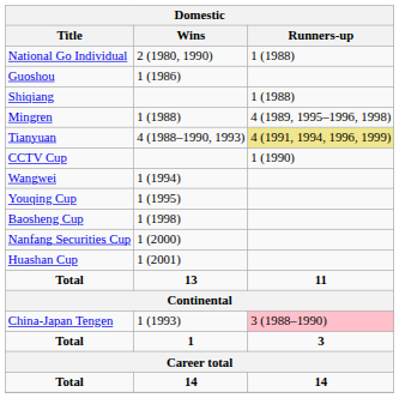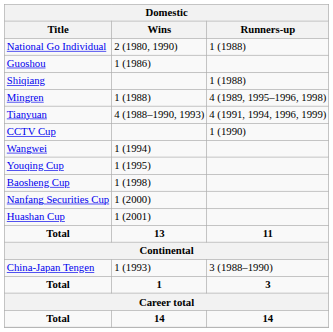 <table class="wikitable">
 <tr>
 <th colspan=3>Domestic</th>
 </tr>
 <tr>
 <th>Title</th>
 <th>Wins</th>
 <th>Runners-up</th>
 </tr>
 <tr>
 <td><a href='#'>National Go Individual</a></td>
 <td>2 (1980, 1990)</td>
 <td>1 (1988)</td>
 </tr>
 <tr>
 <td><a href='#'>Guoshou</a></td>
 <td>1 (1986)</td>
 <td></td>
 </tr>
 <tr>
 <td><a href='#'>Shiqiang</a></td>
 <td></td>
 <td>1 (1988)</td>
 </tr>
 <tr>
 <td><a href='#'>Mingren</a></td>
 <td>1 (1988)</td>
 <td>4 (1989, 1995–1996, 1998)</td>
 </tr>
 <tr>
 <td><a href='#'>Tianyuan</a></td>
 <td>4 (1988–1990, 1993)</td>
-<td style="background: khaki;">4 (1991, 1994, 1996, 1999)</td>
+<td>4 (1991, 1994, 1996, 1999)</td>
 </tr>
 <tr>
 <td><a href='#'>CCTV Cup</a></td>
 <td></td>
 <td>1 (1990)</td>
 </tr>
 <tr>
 <td><a href='#'>Wangwei</a></td>
 <td>1 (1994)</td>
 <td></td>
 </tr>
 <tr>
 <td><a href='#'>Youqing Cup</a></td>
 <td>1 (1995)</td>
 <td></td>
 </tr>
 <tr>
 <td><a href='#'>Baosheng Cup</a></td>
 <td>1 (1998)</td>
 <td></td>
 </tr>
 <tr>
 <td><a href='#'>Nanfang Securities Cup</a></td>
 <td>1 (2000)</td>
 <td></td>
 </tr>
 <tr>
 <td><a href='#'>Huashan Cup</a></td>
 <td>1 (2001)</td>
 <td></td>
 </tr>
 <tr align="center">
 <td><strong>Total</strong></td>
 <td><strong>13</strong></td>
 <td><strong>11</strong></td>
 </tr>
 <tr>
 <th colspan=3>Continental</th>
 </tr>
 <tr>
 <td><a href='#'>China-Japan Tengen</a></td>
 <td>1 (1993)</td>
-<td style="background: pink;">3 (1988–1990)</td>
+<td>3 (1988–1990)</td>
 </tr>
 <tr align="center">
 <td><strong>Total</strong></td>
 <td><strong>1</strong></td>
 <td><strong>3</strong></td>
 </tr>
 <tr>
 <th colspan=3>Career total</th>
 </tr>
 <tr align="center">
 <td><strong>Total</strong></td>
 <td><strong>14</strong></td>
 <td><strong>14</strong></td>
 </tr>
 <tr>
 </tr>
 </table>
